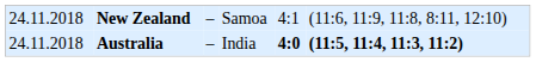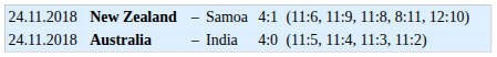 <table style="background:#; border:1px #bbb solid;" cellpadding="3" cellspacing="0" width="40%">
 <tr style="background:#DDEEFF;">
 <td>24.11.2018</td>
 <td><strong>New Zealand</strong></td>
 <td>–</td>
 <td>Samoa</td>
 <td>4:1</td>
 <td>(11:6, 11:9, 11:8, 8:11, 12:10)</td>
 </tr>
 <tr style="background:#DDEEFF;">
 <td>24.11.2018</td>
 <td><strong>Australia</strong></td>
 <td>–</td>
 <td>India</td>
-<td><strong>4:0</strong></td>
-<td><strong>(11:5, 11:4, 11:3, 11:2)</strong></td>
+<td>4:0</td>
+<td>(11:5, 11:4, 11:3, 11:2)</td>
 </tr>
 </table>
